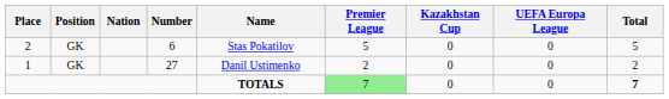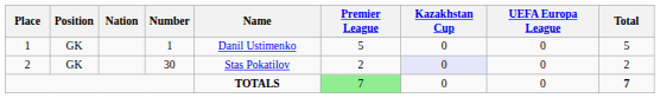 <table class="wikitable" style="font-size: 95%; text-align: center;">
 <tr>
 <th width=60>Place</th>
 <th width=60>Position</th>
 <th width=60>Nation</th>
 <th width=60>Number</th>
 <th width=200>Name</th>
 <th width=120><a href='#'>Premier League</a></th>
 <th width=120><a href='#'>Kazakhstan Cup</a></th>
 <th width=180><a href='#'>UEFA Europa League</a></th>
 <th width=80>Total</th>
 </tr>
 <tr>
-<td>2</td>
+<td>1</td>
 <td>GK</td>
 <td></td>
-<td>6</td>
-<td><a href='#'>Stas Pokatilov</a></td>
+<td>1</td>
+<td><a href='#'>Danil Ustimenko</a></td>
 <td>5</td>
 <td>0</td>
 <td>0</td>
 <td>5</td>
 </tr>
 <tr>
-<td>1</td>
+<td>2</td>
 <td>GK</td>
 <td></td>
-<td>27</td>
-<td><a href='#'>Danil Ustimenko</a></td>
+<td>30</td>
+<td><a href='#'>Stas Pokatilov</a></td>
 <td>2</td>
-<td>0</td>
+<td style="background: lavender;">0</td>
 <td>0</td>
 <td>2</td>
 </tr>
 <tr>
 <td colspan="4"></td>
 <td><strong>TOTALS</strong></td>
 <td style="background: lightgreen;">7</td>
 <td>0</td>
 <td>0</td>
 <td><strong>7</strong></td>
 </tr>
 </table>
